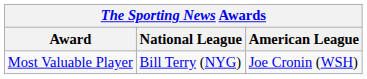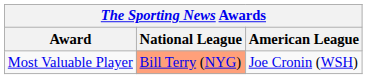 <table class="wikitable">
 <tr>
 <th colspan="3"><em><a href='#'>The Sporting News</a></em> <a href='#'>Awards</a></th>
 </tr>
 <tr>
 <th>Award</th>
 <th>National League</th>
 <th>American League</th>
 </tr>
 <tr>
 <td><a href='#'>Most Valuable Player</a></td>
-<td><a href='#'>Bill Terry</a> (<a href='#'>NYG</a>)</td>
+<td style="background: lightsalmon;"><a href='#'>Bill Terry</a> (<a href='#'>NYG</a>)</td>
 <td><a href='#'>Joe Cronin</a> (<a href='#'>WSH</a>)</td>
 </tr>
 </table>
